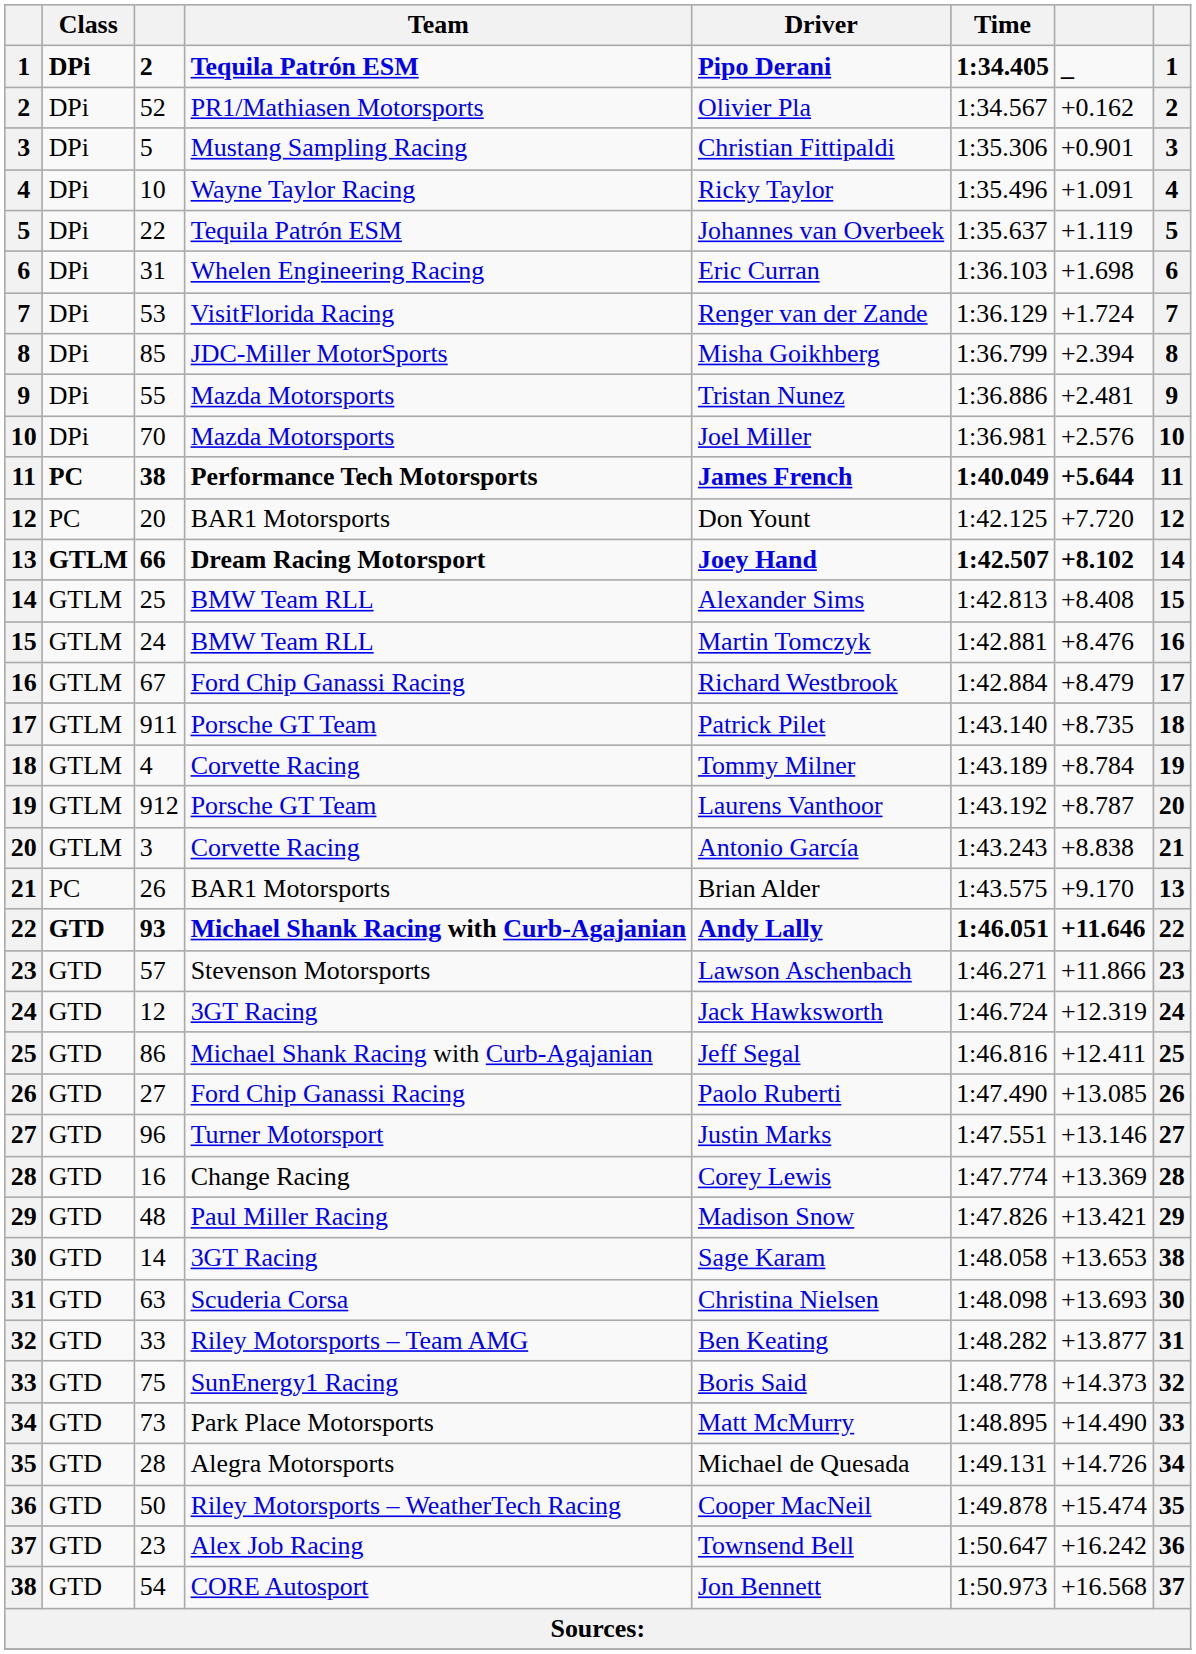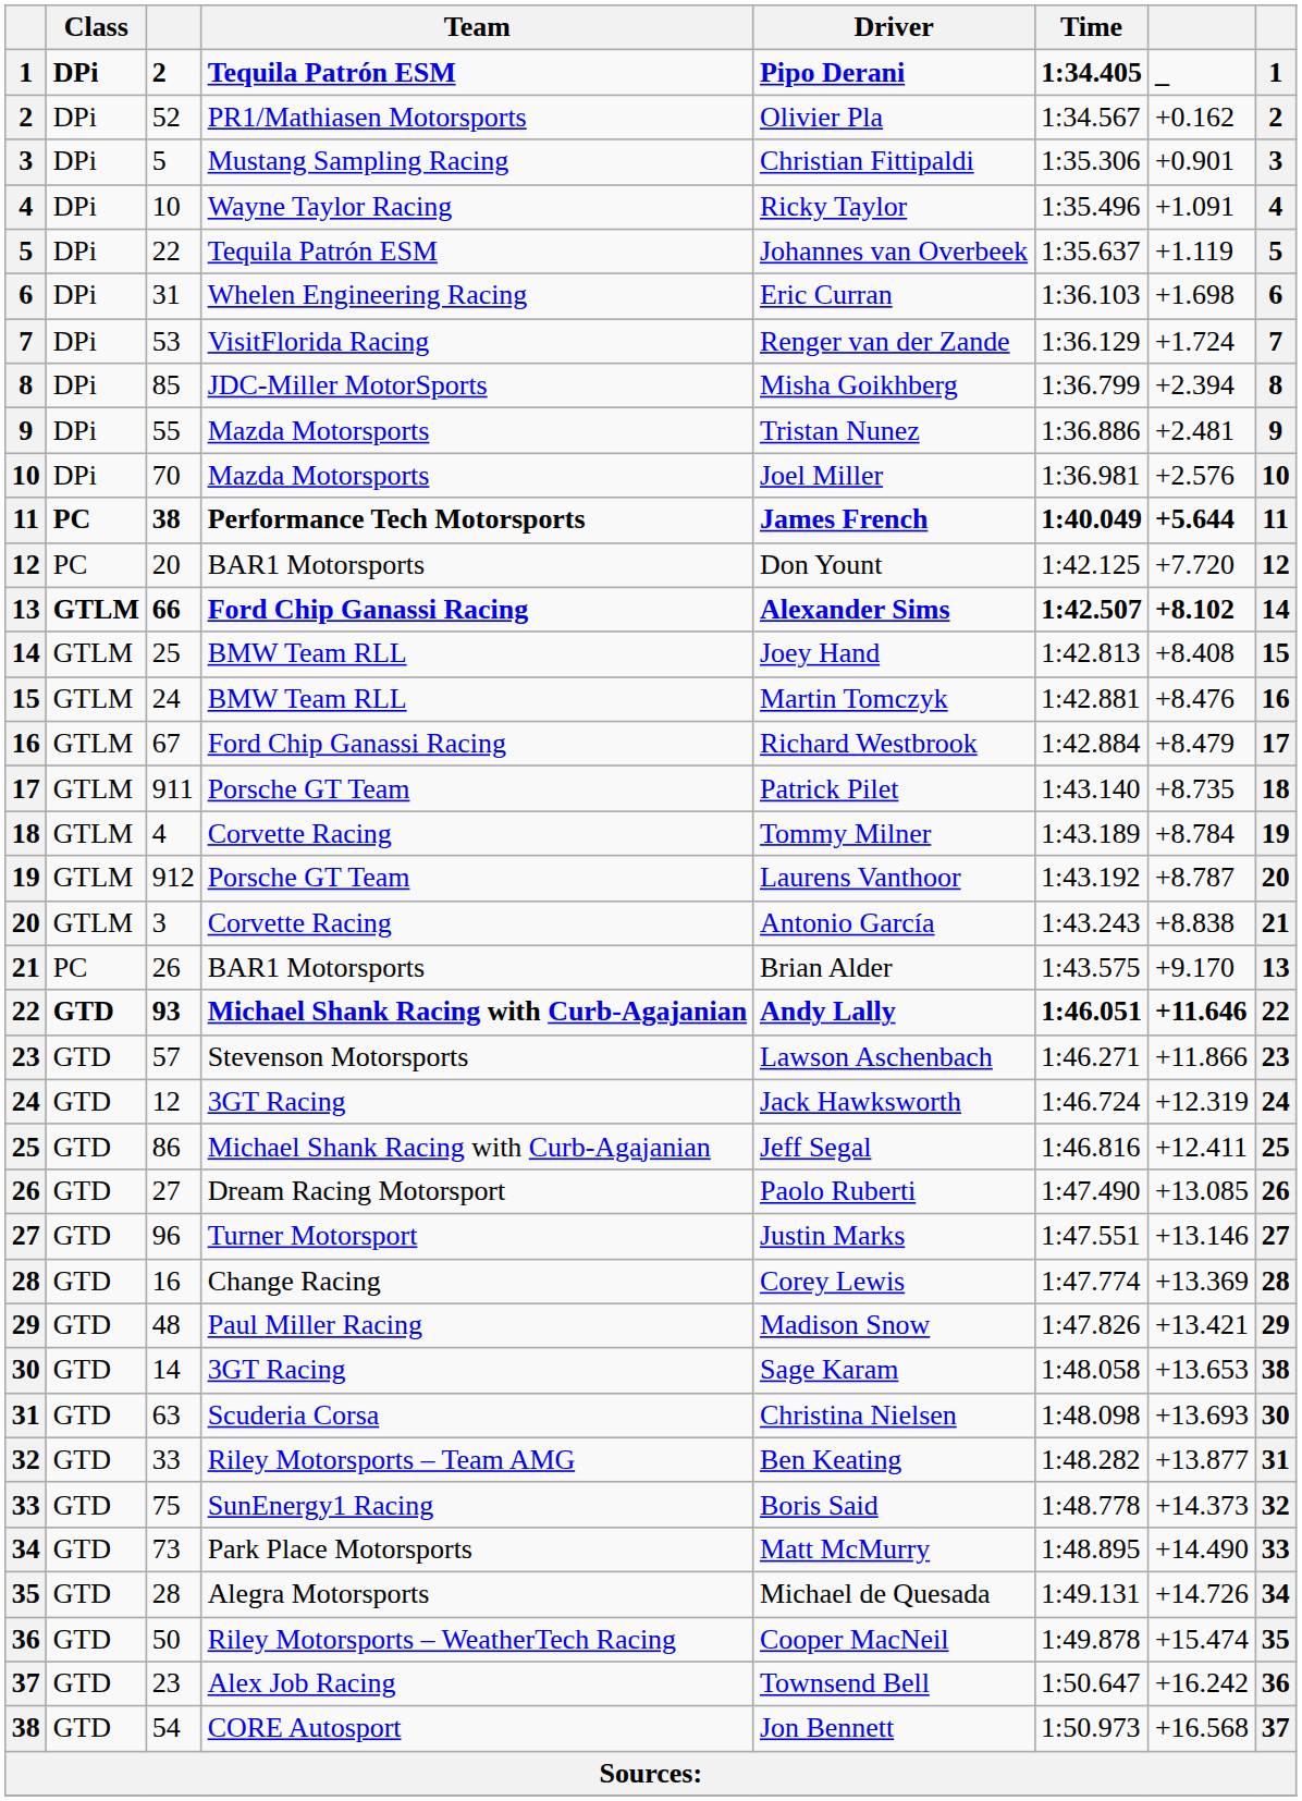 <table class="wikitable">
 <tr>
 <th scope="col"></th>
 <th scope="col">Class</th>
 <th scope="col"></th>
 <th scope="col">Team</th>
 <th scope="col">Driver</th>
 <th scope="col">Time</th>
 <th scope="col"></th>
 <th scope="col"></th>
 </tr>
 <tr style="font-weight:bold">
 <th scope="row">1</th>
 <td>DPi</td>
 <td>2</td>
 <td> <a href='#'>Tequila Patrón ESM</a></td>
 <td> <a href='#'>Pipo Derani</a></td>
 <td>1:34.405</td>
 <td>_</td>
 <th>1 </th>
 </tr>
 <tr>
 <th scope="row">2</th>
 <td>DPi</td>
 <td>52</td>
 <td> <a href='#'>PR1/Mathiasen Motorsports</a></td>
 <td> <a href='#'>Olivier Pla</a></td>
 <td>1:34.567</td>
 <td>+0.162</td>
 <th>2</th>
 </tr>
 <tr>
 <th scope="row">3</th>
 <td>DPi</td>
 <td>5</td>
 <td> <a href='#'>Mustang Sampling Racing</a></td>
 <td> <a href='#'>Christian Fittipaldi</a></td>
 <td>1:35.306</td>
 <td>+0.901</td>
 <th>3</th>
 </tr>
 <tr>
 <th scope="row">4</th>
 <td>DPi</td>
 <td>10</td>
 <td> <a href='#'>Wayne Taylor Racing</a></td>
 <td> <a href='#'>Ricky Taylor</a></td>
 <td>1:35.496</td>
 <td>+1.091</td>
 <th>4</th>
 </tr>
 <tr>
 <th scope="row">5</th>
 <td>DPi</td>
 <td>22</td>
 <td> <a href='#'>Tequila Patrón ESM</a></td>
 <td> <a href='#'>Johannes van Overbeek</a></td>
 <td>1:35.637</td>
 <td>+1.119</td>
 <th>5</th>
 </tr>
 <tr>
 <th scope="row">6</th>
 <td>DPi</td>
 <td>31</td>
 <td> <a href='#'>Whelen Engineering Racing</a></td>
 <td> <a href='#'>Eric Curran</a></td>
 <td>1:36.103</td>
 <td>+1.698</td>
 <th>6</th>
 </tr>
 <tr>
 <th scope="row">7</th>
 <td>DPi</td>
 <td>53</td>
 <td> <a href='#'>VisitFlorida Racing</a></td>
 <td> <a href='#'>Renger van der Zande</a></td>
 <td>1:36.129</td>
 <td>+1.724</td>
 <th>7</th>
 </tr>
 <tr>
 <th scope="row">8</th>
 <td>DPi</td>
 <td>85</td>
 <td> <a href='#'>JDC-Miller MotorSports</a></td>
 <td> <a href='#'>Misha Goikhberg</a></td>
 <td>1:36.799</td>
 <td>+2.394</td>
 <th>8</th>
 </tr>
 <tr>
 <th scope="row">9</th>
 <td>DPi</td>
 <td>55</td>
 <td> <a href='#'>Mazda Motorsports</a></td>
 <td> <a href='#'>Tristan Nunez</a></td>
 <td>1:36.886</td>
 <td>+2.481</td>
 <th>9</th>
 </tr>
 <tr>
 <th scope="row">10</th>
 <td>DPi</td>
 <td>70</td>
 <td> <a href='#'>Mazda Motorsports</a></td>
 <td> <a href='#'>Joel Miller</a></td>
 <td>1:36.981</td>
 <td>+2.576</td>
 <th>10</th>
 </tr>
 <tr style="font-weight:bold">
 <th scope="row">11</th>
 <td>PC</td>
 <td>38</td>
 <td><strong> Performance Tech Motorsports</strong></td>
 <td><strong> <a href='#'>James French</a></strong></td>
 <td>1:40.049</td>
 <td>+5.644</td>
 <th>11 </th>
 </tr>
 <tr>
 <th scope="row">12</th>
 <td>PC</td>
 <td>20</td>
 <td> BAR1 Motorsports</td>
 <td> Don Yount</td>
 <td>1:42.125</td>
 <td>+7.720</td>
 <th>12</th>
 </tr>
 <tr style="font-weight:bold">
 <th scope="row">13</th>
 <td>GTLM</td>
 <td>66</td>
-<td> Dream Racing Motorsport</td>
-<td> <a href='#'>Joey Hand</a></td>
+<td> <a href='#'>Ford Chip Ganassi Racing</a></td>
+<td> <a href='#'>Alexander Sims</a></td>
 <td>1:42.507</td>
 <td>+8.102</td>
 <th>14 </th>
 </tr>
 <tr>
 <th scope="row">14</th>
 <td>GTLM</td>
 <td>25</td>
 <td> <a href='#'>BMW Team RLL</a></td>
-<td> <a href='#'>Alexander Sims</a></td>
+<td> <a href='#'>Joey Hand</a></td>
 <td>1:42.813</td>
 <td>+8.408</td>
 <th>15</th>
 </tr>
 <tr>
 <th scope="row">15</th>
 <td>GTLM</td>
 <td>24</td>
 <td> <a href='#'>BMW Team RLL</a></td>
 <td> <a href='#'>Martin Tomczyk</a></td>
 <td>1:42.881</td>
 <td>+8.476</td>
 <th>16</th>
 </tr>
 <tr>
 <th scope="row">16</th>
 <td>GTLM</td>
 <td>67</td>
 <td> <a href='#'>Ford Chip Ganassi Racing</a></td>
 <td> <a href='#'>Richard Westbrook</a></td>
 <td>1:42.884</td>
 <td>+8.479</td>
 <th>17</th>
 </tr>
 <tr>
 <th scope="row">17</th>
 <td>GTLM</td>
 <td>911</td>
 <td> <a href='#'>Porsche GT Team</a></td>
 <td> <a href='#'>Patrick Pilet</a></td>
 <td>1:43.140</td>
 <td>+8.735</td>
 <th>18</th>
 </tr>
 <tr>
 <th scope="row">18</th>
 <td>GTLM</td>
 <td>4</td>
 <td> <a href='#'>Corvette Racing</a></td>
 <td> <a href='#'>Tommy Milner</a></td>
 <td>1:43.189</td>
 <td>+8.784</td>
 <th>19</th>
 </tr>
 <tr>
 <th scope="row">19</th>
 <td>GTLM</td>
 <td>912</td>
 <td> <a href='#'>Porsche GT Team</a></td>
 <td> <a href='#'>Laurens Vanthoor</a></td>
 <td>1:43.192</td>
 <td>+8.787</td>
 <th>20</th>
 </tr>
 <tr>
 <th scope="row">20</th>
 <td>GTLM</td>
 <td>3</td>
 <td> <a href='#'>Corvette Racing</a></td>
 <td> <a href='#'>Antonio García</a></td>
 <td>1:43.243</td>
 <td>+8.838</td>
 <th>21</th>
 </tr>
 <tr>
 <th scope="row">21</th>
 <td>PC</td>
 <td>26</td>
 <td> BAR1 Motorsports</td>
 <td> Brian Alder</td>
 <td>1:43.575</td>
 <td>+9.170</td>
 <th>13<strong></strong></th>
 </tr>
 <tr style="font-weight:bold">
 <th scope="row">22</th>
 <td>GTD</td>
 <td>93</td>
 <td> <a href='#'>Michael Shank Racing</a> with <a href='#'>Curb-Agajanian</a></td>
 <td> <a href='#'>Andy Lally</a></td>
 <td>1:46.051</td>
 <td>+11.646</td>
 <th>22 </th>
 </tr>
 <tr>
 <th scope="row">23</th>
 <td>GTD</td>
 <td>57</td>
 <td> Stevenson Motorsports</td>
 <td> <a href='#'>Lawson Aschenbach</a></td>
 <td>1:46.271</td>
 <td>+11.866</td>
 <th>23</th>
 </tr>
 <tr>
 <th scope="row">24</th>
 <td>GTD</td>
 <td>12</td>
 <td> <a href='#'>3GT Racing</a></td>
 <td> <a href='#'>Jack Hawksworth</a></td>
 <td>1:46.724</td>
 <td>+12.319</td>
 <th>24</th>
 </tr>
 <tr>
 <th scope="row">25</th>
 <td>GTD</td>
 <td>86</td>
 <td> <a href='#'>Michael Shank Racing</a> with <a href='#'>Curb-Agajanian</a></td>
 <td> <a href='#'>Jeff Segal</a></td>
 <td>1:46.816</td>
 <td>+12.411</td>
 <th>25</th>
 </tr>
 <tr>
 <th scope="row">26</th>
 <td>GTD</td>
 <td>27</td>
-<td> <a href='#'>Ford Chip Ganassi Racing</a></td>
+<td> Dream Racing Motorsport</td>
 <td> <a href='#'>Paolo Ruberti</a></td>
 <td>1:47.490</td>
 <td>+13.085</td>
 <th>26</th>
 </tr>
 <tr>
 <th scope="row">27</th>
 <td>GTD</td>
 <td>96</td>
 <td> <a href='#'>Turner Motorsport</a></td>
 <td> <a href='#'>Justin Marks</a></td>
 <td>1:47.551</td>
 <td>+13.146</td>
 <th>27</th>
 </tr>
 <tr>
 <th scope="row">28</th>
 <td>GTD</td>
 <td>16</td>
 <td> Change Racing</td>
 <td> <a href='#'>Corey Lewis</a></td>
 <td>1:47.774</td>
 <td>+13.369</td>
 <th>28</th>
 </tr>
 <tr>
 <th scope="row">29</th>
 <td>GTD</td>
 <td>48</td>
 <td> <a href='#'>Paul Miller Racing</a></td>
 <td> <a href='#'>Madison Snow</a></td>
 <td>1:47.826</td>
 <td>+13.421</td>
 <th>29</th>
 </tr>
 <tr>
 <th scope="row">30</th>
 <td>GTD</td>
 <td>14</td>
 <td> <a href='#'>3GT Racing</a></td>
 <td> <a href='#'>Sage Karam</a></td>
 <td>1:48.058</td>
 <td>+13.653</td>
 <th>38</th>
 </tr>
 <tr>
 <th scope="row">31</th>
 <td>GTD</td>
 <td>63</td>
 <td> <a href='#'>Scuderia Corsa</a></td>
 <td> <a href='#'>Christina Nielsen</a></td>
 <td>1:48.098</td>
 <td>+13.693</td>
 <th>30</th>
 </tr>
 <tr>
 <th scope="row">32</th>
 <td>GTD</td>
 <td>33</td>
 <td> <a href='#'>Riley Motorsports – Team AMG</a></td>
 <td> <a href='#'>Ben Keating</a></td>
 <td>1:48.282</td>
 <td>+13.877</td>
 <th>31</th>
 </tr>
 <tr>
 <th scope="row">33</th>
 <td>GTD</td>
 <td>75</td>
 <td> <a href='#'>SunEnergy1 Racing</a></td>
 <td> <a href='#'>Boris Said</a></td>
 <td>1:48.778</td>
 <td>+14.373</td>
 <th>32</th>
 </tr>
 <tr>
 <th scope="row">34</th>
 <td>GTD</td>
 <td>73</td>
 <td> Park Place Motorsports</td>
 <td> <a href='#'>Matt McMurry</a></td>
 <td>1:48.895</td>
 <td>+14.490</td>
 <th>33</th>
 </tr>
 <tr>
 <th scope="row">35</th>
 <td>GTD</td>
 <td>28</td>
 <td> Alegra Motorsports</td>
 <td> Michael de Quesada</td>
 <td>1:49.131</td>
 <td>+14.726</td>
 <th>34</th>
 </tr>
 <tr>
 <th scope="row">36</th>
 <td>GTD</td>
 <td>50</td>
 <td> <a href='#'>Riley Motorsports – WeatherTech Racing</a></td>
 <td> <a href='#'>Cooper MacNeil</a></td>
 <td>1:49.878</td>
 <td>+15.474</td>
 <th>35</th>
 </tr>
 <tr>
 <th scope="row">37</th>
 <td>GTD</td>
 <td>23</td>
 <td> <a href='#'>Alex Job Racing</a></td>
 <td> <a href='#'>Townsend Bell</a></td>
 <td>1:50.647</td>
 <td>+16.242</td>
 <th>36</th>
 </tr>
 <tr>
 <th scope="row">38</th>
 <td>GTD</td>
 <td>54</td>
 <td> <a href='#'>CORE Autosport</a></td>
 <td> <a href='#'>Jon Bennett</a></td>
 <td>1:50.973</td>
 <td>+16.568</td>
 <th>37</th>
 </tr>
 <tr>
 <th colspan="8">Sources:</th>
 </tr>
 <tr>
 </tr>
 </table>
